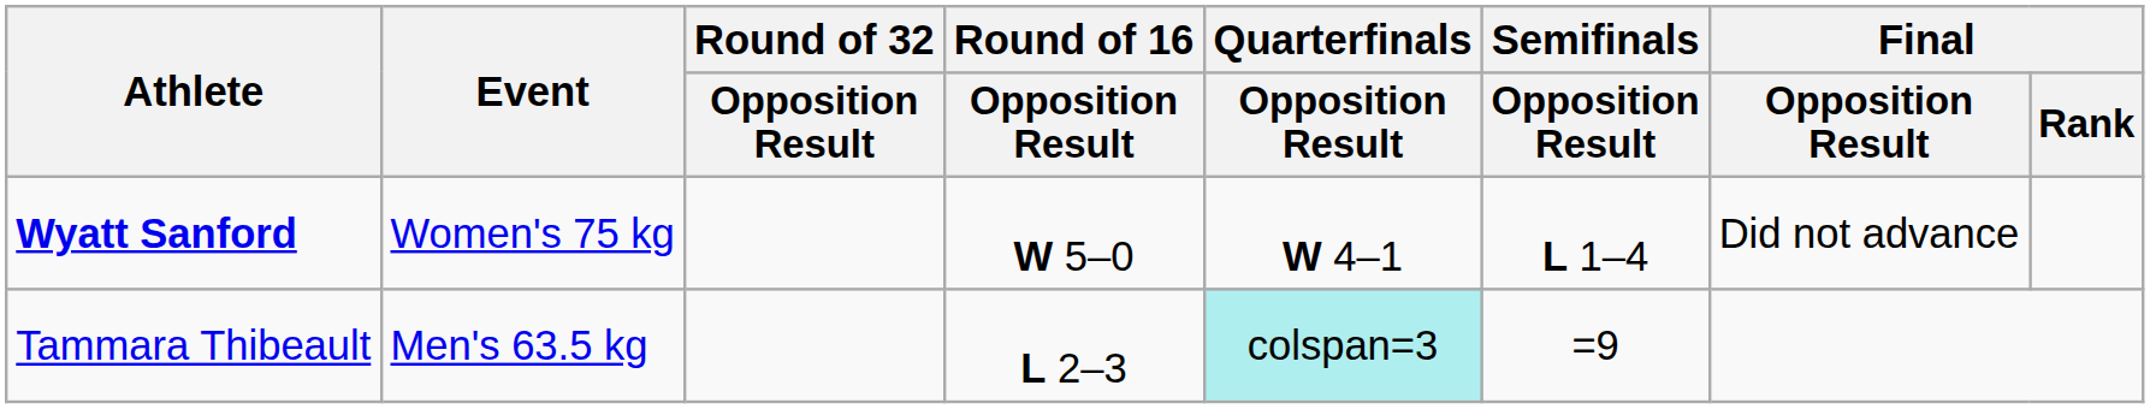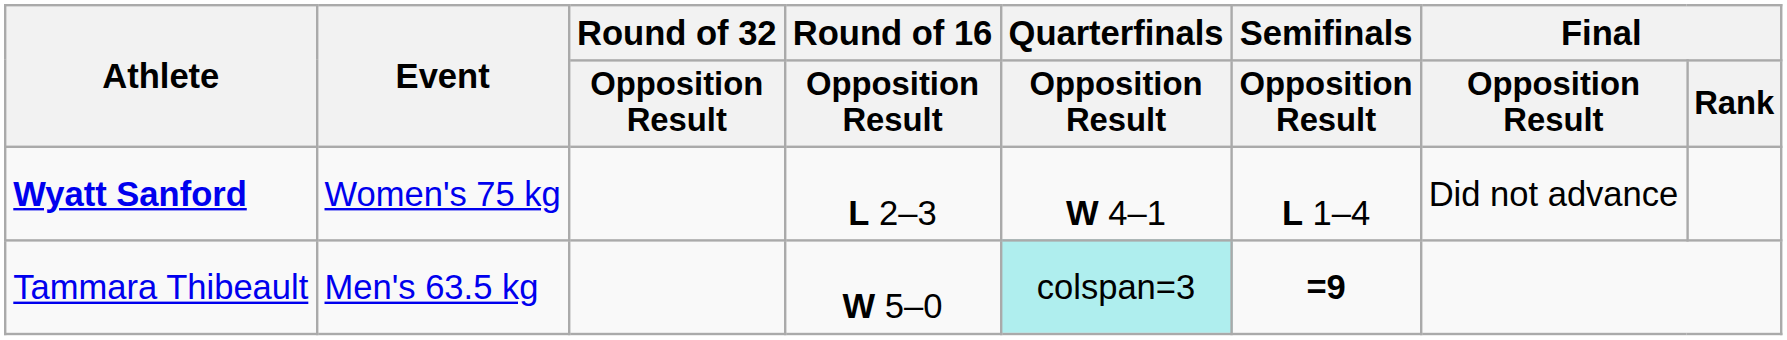 <table class=wikitable style="font-size:90%">
 <tr>
 <th rowspan="2">Athlete</th>
 <th rowspan="2">Event</th>
 <th>Round of 32</th>
 <th>Round of 16</th>
 <th>Quarterfinals</th>
 <th>Semifinals</th>
 <th colspan=2>Final</th>
 </tr>
 <tr style="font-size:95%">
 <th>Opposition<br>Result</th>
 <th>Opposition<br>Result</th>
 <th>Opposition<br>Result</th>
 <th>Opposition<br>Result</th>
 <th>Opposition<br>Result</th>
 <th>Rank</th>
 </tr>
 <tr align=center>
 <td align=left><strong><a href='#'>Wyatt Sanford</a></strong></td>
 <td align=left><a href='#'>Women's 75 kg</a></td>
 <td></td>
-<td><br><strong>W</strong> 5–0</td>
+<td><br><strong>L</strong> 2–3</td>
 <td><br><strong>W</strong> 4–1</td>
 <td><br><strong>L</strong> 1–4</td>
 <td>Did not advance</td>
 <td></td>
 </tr>
 <tr align=center>
 <td align=left><a href='#'>Tammara Thibeault</a></td>
 <td align=left><a href='#'>Men's 63.5 kg</a></td>
 <td></td>
-<td><br><strong>L</strong> 2–3</td>
+<td><br><strong>W</strong> 5–0</td>
 <td style="background: paleturquoise;">colspan=3 </td>
-<td>=9</td>
+<td><strong>=9</strong></td>
 </tr>
 </table>
